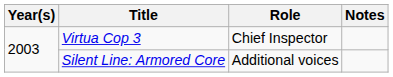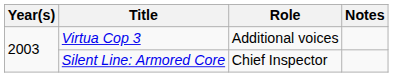 <table class="wikitable">
 <tr>
 <th>Year(s)</th>
 <th>Title</th>
 <th>Role</th>
 <th>Notes</th>
 </tr>
 <tr>
 <td rowspan="2">2003</td>
 <td><em><a href='#'>Virtua Cop 3</a></em></td>
-<td>Chief Inspector</td>
+<td>Additional voices</td>
 <td></td>
 </tr>
 <tr>
 <td><em><a href='#'>Silent Line: Armored Core</a></em></td>
-<td>Additional voices</td>
+<td>Chief Inspector</td>
 <td></td>
 </tr>
 </table>
